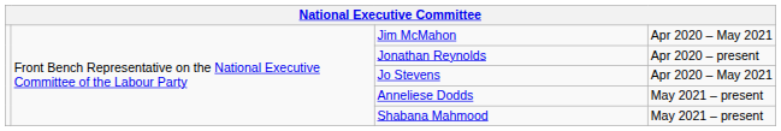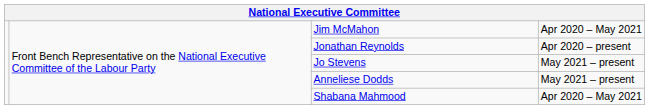 <table class="wikitable">
 <tr>
 <th colspan="4"><a href='#'>National Executive Committee</a></th>
 </tr>
 <tr>
 <td rowspan="5" style="background: "></td>
 <td rowspan="5" style="width: 450px;">Front Bench Representative on the <a href='#'>National Executive Committee of the Labour Party</a></td>
 <td style="width: 337px;"><a href='#'>Jim McMahon</a></td>
 <td>Apr 2020 – May 2021</td>
 </tr>
 <tr>
 <td><a href='#'>Jonathan Reynolds</a></td>
 <td>Apr 2020 – present</td>
 </tr>
 <tr>
 <td><a href='#'>Jo Stevens</a></td>
-<td>Apr 2020 – May 2021</td>
+<td>May 2021 – present</td>
 </tr>
 <tr>
 <td><a href='#'>Anneliese Dodds</a></td>
 <td>May 2021 – present</td>
 </tr>
 <tr>
 <td><a href='#'>Shabana Mahmood</a></td>
-<td>May 2021 – present</td>
+<td>Apr 2020 – May 2021</td>
 </tr>
 </table>
